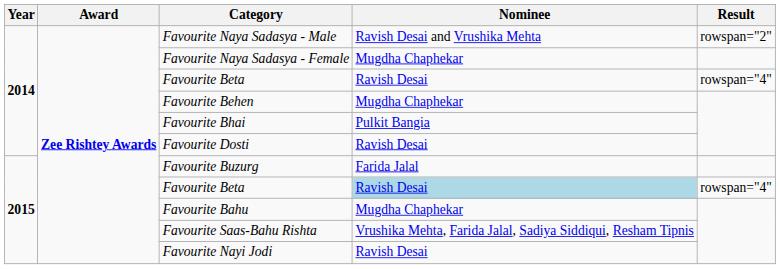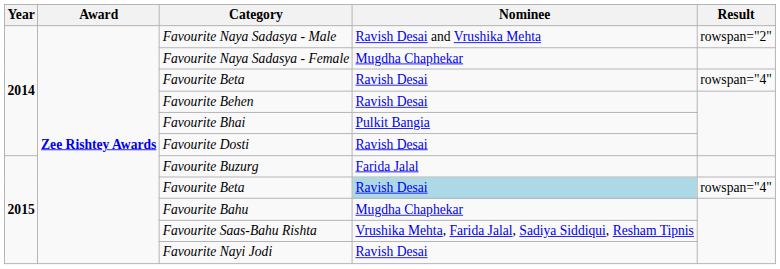 <table class="wikitable">
 <tr>
 <th>Year</th>
 <th>Award</th>
 <th>Category</th>
 <th>Nominee</th>
 <th>Result</th>
 </tr>
 <tr>
 <td rowspan="6"><strong>2014</strong></td>
 <td rowspan="16"><strong><a href='#'>Zee Rishtey Awards</a></strong></td>
 <td><em>Favourite Naya Sadasya - Male</em></td>
 <td><a href='#'>Ravish Desai</a> and <a href='#'>Vrushika Mehta</a></td>
 <td>rowspan="2" </td>
 </tr>
 <tr>
 <td><em>Favourite Naya Sadasya - Female</em></td>
 <td><a href='#'>Mugdha Chaphekar</a></td>
 </tr>
 <tr>
 <td><em>Favourite Beta</em></td>
 <td><a href='#'>Ravish Desai</a></td>
 <td>rowspan="4" </td>
 </tr>
 <tr>
 <td><em>Favourite Behen</em></td>
-<td><a href='#'>Mugdha Chaphekar</a></td>
+<td><a href='#'>Ravish Desai</a></td>
 </tr>
 <tr>
 <td><em>Favourite Bhai</em></td>
 <td><a href='#'>Pulkit Bangia</a></td>
 </tr>
 <tr>
 <td><em>Favourite Dosti</em></td>
 <td><a href='#'>Ravish Desai</a></td>
 </tr>
 <tr>
 <td rowspan="6"><strong>2015</strong></td>
 <td><em>Favourite Buzurg</em></td>
 <td><a href='#'>Farida Jalal</a></td>
 <td></td>
 </tr>
 <tr>
 <td><em>Favourite Beta</em></td>
 <td style="background: lightblue;"><a href='#'>Ravish Desai</a></td>
 <td>rowspan="4" </td>
 </tr>
 <tr>
 <td><em>Favourite Bahu</em></td>
 <td><a href='#'>Mugdha Chaphekar</a></td>
 </tr>
 <tr>
 <td><em>Favourite Saas-Bahu Rishta</em></td>
 <td><a href='#'>Vrushika Mehta</a>, <a href='#'>Farida Jalal</a>, <a href='#'>Sadiya Siddiqui</a>, <a href='#'>Resham Tipnis</a></td>
 </tr>
 <tr>
 <td><em>Favourite Nayi Jodi</em></td>
 <td><a href='#'>Ravish Desai</a></td>
 </tr>
 </table>
